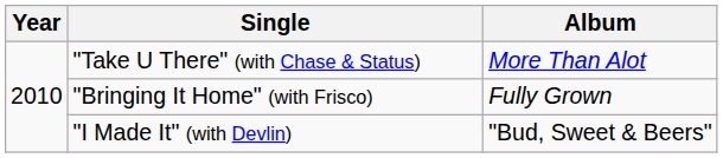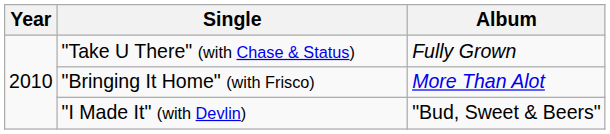 <table class="wikitable">
 <tr>
 <th>Year</th>
 <th style="width:280px;">Single</th>
 <th>Album</th>
 </tr>
 <tr>
 <td rowspan="3">2010</td>
 <td>"Take U There" <small>(with <a href='#'>Chase & Status</a>)</small></td>
-<td><em><a href='#'>More Than Alot</a></em></td>
+<td><em>Fully Grown</em></td>
 </tr>
 <tr>
 <td>"Bringing It Home" <small>(with Frisco)</small></td>
-<td><em>Fully Grown</em></td>
+<td><em><a href='#'>More Than Alot</a></em></td>
 </tr>
 <tr>
 <td>"I Made It" <small>(with <a href='#'>Devlin</a>)</small></td>
 <td>"Bud, Sweet & Beers"</td>
 </tr>
 </table>
